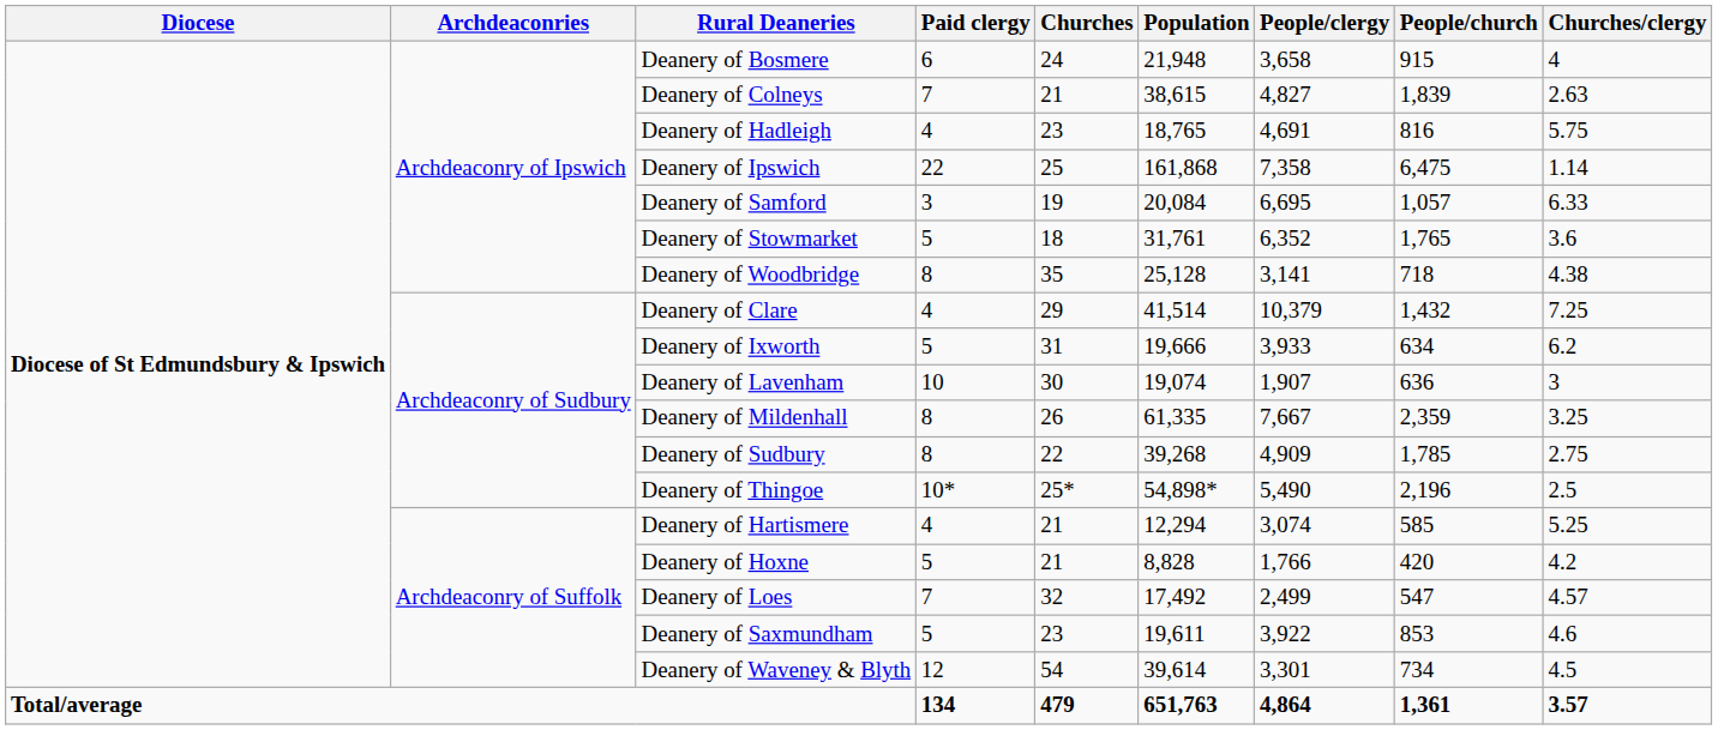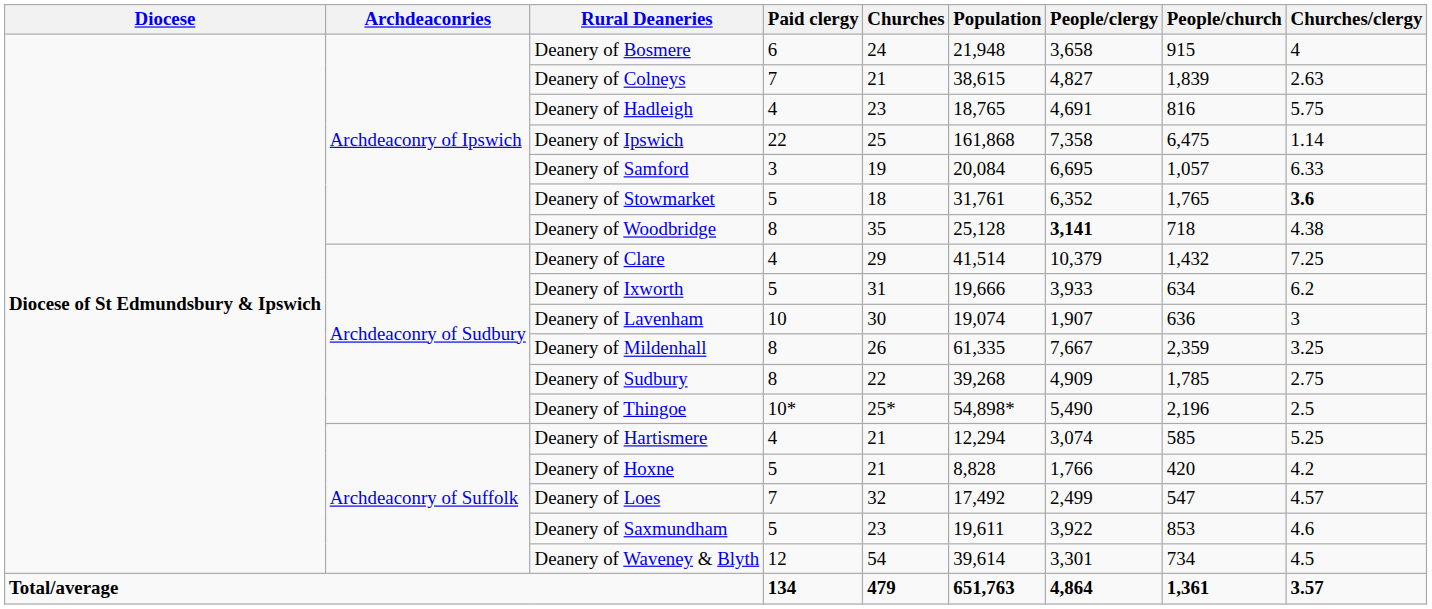 <table class="wikitable sortable">
 <tr>
 <th><a href='#'>Diocese</a></th>
 <th><a href='#'>Archdeaconries</a></th>
 <th><a href='#'>Rural Deaneries</a></th>
 <th>Paid clergy</th>
 <th>Churches</th>
 <th>Population</th>
 <th>People/clergy</th>
 <th>People/church</th>
 <th>Churches/clergy</th>
 </tr>
 <tr>
 <td rowspan="18"><strong>Diocese of St Edmundsbury & Ipswich</strong></td>
 <td rowspan="7"><a href='#'>Archdeaconry of Ipswich</a></td>
 <td>Deanery of <a href='#'>Bosmere</a></td>
 <td>6</td>
 <td>24</td>
 <td>21,948</td>
 <td>3,658</td>
 <td>915</td>
 <td>4</td>
 </tr>
 <tr>
 <td>Deanery of <a href='#'>Colneys</a></td>
 <td>7</td>
 <td>21</td>
 <td>38,615</td>
 <td>4,827</td>
 <td>1,839</td>
 <td>2.63</td>
 </tr>
 <tr>
 <td>Deanery of <a href='#'>Hadleigh</a></td>
 <td>4</td>
 <td>23</td>
 <td>18,765</td>
 <td>4,691</td>
 <td>816</td>
 <td>5.75</td>
 </tr>
 <tr>
 <td>Deanery of <a href='#'>Ipswich</a></td>
 <td>22</td>
 <td>25</td>
 <td>161,868</td>
 <td>7,358</td>
 <td>6,475</td>
 <td>1.14</td>
 </tr>
 <tr>
 <td>Deanery of <a href='#'>Samford</a></td>
 <td>3</td>
 <td>19</td>
 <td>20,084</td>
 <td>6,695</td>
 <td>1,057</td>
 <td>6.33</td>
 </tr>
 <tr>
 <td>Deanery of <a href='#'>Stowmarket</a></td>
 <td>5</td>
 <td>18</td>
 <td>31,761</td>
 <td>6,352</td>
 <td>1,765</td>
-<td>3.6</td>
+<td><strong>3.6</strong></td>
 </tr>
 <tr>
 <td>Deanery of <a href='#'>Woodbridge</a></td>
 <td>8</td>
 <td>35</td>
 <td>25,128</td>
-<td>3,141</td>
+<td><strong>3,141</strong></td>
 <td>718</td>
 <td>4.38</td>
 </tr>
 <tr>
 <td rowspan="6"><a href='#'>Archdeaconry of Sudbury</a></td>
 <td>Deanery of <a href='#'>Clare</a></td>
 <td>4</td>
 <td>29</td>
 <td>41,514</td>
 <td>10,379</td>
 <td>1,432</td>
 <td>7.25</td>
 </tr>
 <tr>
 <td>Deanery of <a href='#'>Ixworth</a></td>
 <td>5</td>
 <td>31</td>
 <td>19,666</td>
 <td>3,933</td>
 <td>634</td>
 <td>6.2</td>
 </tr>
 <tr>
 <td>Deanery of <a href='#'>Lavenham</a></td>
 <td>10</td>
 <td>30</td>
 <td>19,074</td>
 <td>1,907</td>
 <td>636</td>
 <td>3</td>
 </tr>
 <tr>
 <td>Deanery of <a href='#'>Mildenhall</a></td>
 <td>8</td>
 <td>26</td>
 <td>61,335</td>
 <td>7,667</td>
 <td>2,359</td>
 <td>3.25</td>
 </tr>
 <tr>
 <td>Deanery of <a href='#'>Sudbury</a></td>
 <td>8</td>
 <td>22</td>
 <td>39,268</td>
 <td>4,909</td>
 <td>1,785</td>
 <td>2.75</td>
 </tr>
 <tr>
 <td>Deanery of <a href='#'>Thingoe</a></td>
 <td>10*</td>
 <td>25*</td>
 <td>54,898*</td>
 <td>5,490</td>
 <td>2,196</td>
 <td>2.5</td>
 </tr>
 <tr>
 <td rowspan="5"><a href='#'>Archdeaconry of Suffolk</a></td>
 <td>Deanery of <a href='#'>Hartismere</a></td>
 <td>4</td>
 <td>21</td>
 <td>12,294</td>
 <td>3,074</td>
 <td>585</td>
 <td>5.25</td>
 </tr>
 <tr>
 <td>Deanery of <a href='#'>Hoxne</a></td>
 <td>5</td>
 <td>21</td>
 <td>8,828</td>
 <td>1,766</td>
 <td>420</td>
 <td>4.2</td>
 </tr>
 <tr>
 <td>Deanery of <a href='#'>Loes</a></td>
 <td>7</td>
 <td>32</td>
 <td>17,492</td>
 <td>2,499</td>
 <td>547</td>
 <td>4.57</td>
 </tr>
 <tr>
 <td>Deanery of <a href='#'>Saxmundham</a></td>
 <td>5</td>
 <td>23</td>
 <td>19,611</td>
 <td>3,922</td>
 <td>853</td>
 <td>4.6</td>
 </tr>
 <tr>
 <td>Deanery of <a href='#'>Waveney</a> & <a href='#'>Blyth</a></td>
 <td>12</td>
 <td>54</td>
 <td>39,614</td>
 <td>3,301</td>
 <td>734</td>
 <td>4.5</td>
 </tr>
 <tr>
 <td colspan="3"><strong>Total/average</strong></td>
 <td><strong>134</strong></td>
 <td><strong>479</strong></td>
 <td><strong>651,763</strong></td>
 <td><strong>4,864</strong></td>
 <td><strong>1,361</strong></td>
 <td><strong>3.57</strong></td>
 </tr>
 </table>
